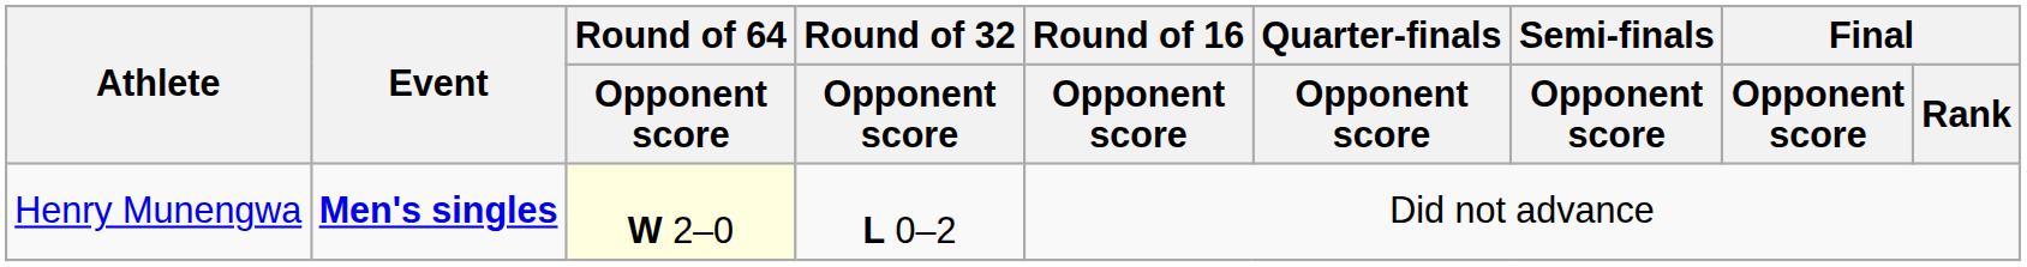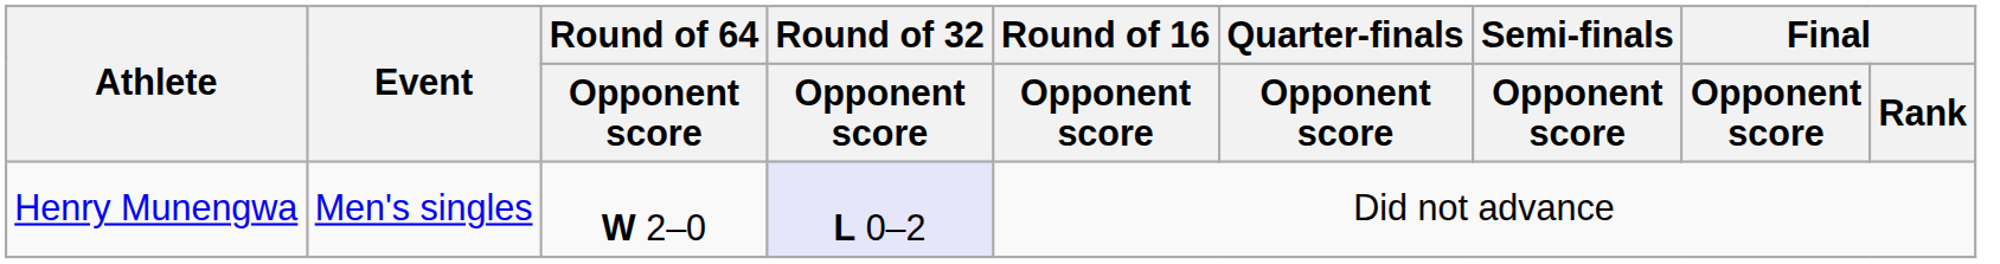 <table class="wikitable" style="font-size:90%; text-align:center">
 <tr>
 <th rowspan="2">Athlete</th>
 <th rowspan="2">Event</th>
 <th>Round of 64</th>
 <th>Round of 32</th>
 <th>Round of 16</th>
 <th>Quarter-finals</th>
 <th>Semi-finals</th>
 <th colspan="2">Final</th>
 </tr>
 <tr>
 <th>Opponent<br>score</th>
 <th>Opponent<br>score</th>
 <th>Opponent<br>score</th>
 <th>Opponent<br>score</th>
 <th>Opponent<br>score</th>
 <th>Opponent<br>score</th>
 <th>Rank</th>
 </tr>
 <tr>
 <td align="left"><a href='#'>Henry Munengwa</a></td>
-<td align="left"><strong><a href='#'>Men's singles</a></strong></td>
-<td style="background: lightyellow;"><br><strong>W</strong> 2–0</td>
-<td><br><strong>L</strong> 0–2</td>
+<td align="left"><a href='#'>Men's singles</a></td>
+<td><br><strong>W</strong> 2–0</td>
+<td style="background: lavender;"><br><strong>L</strong> 0–2</td>
 <td colspan="6">Did not advance</td>
 </tr>
 </table>
